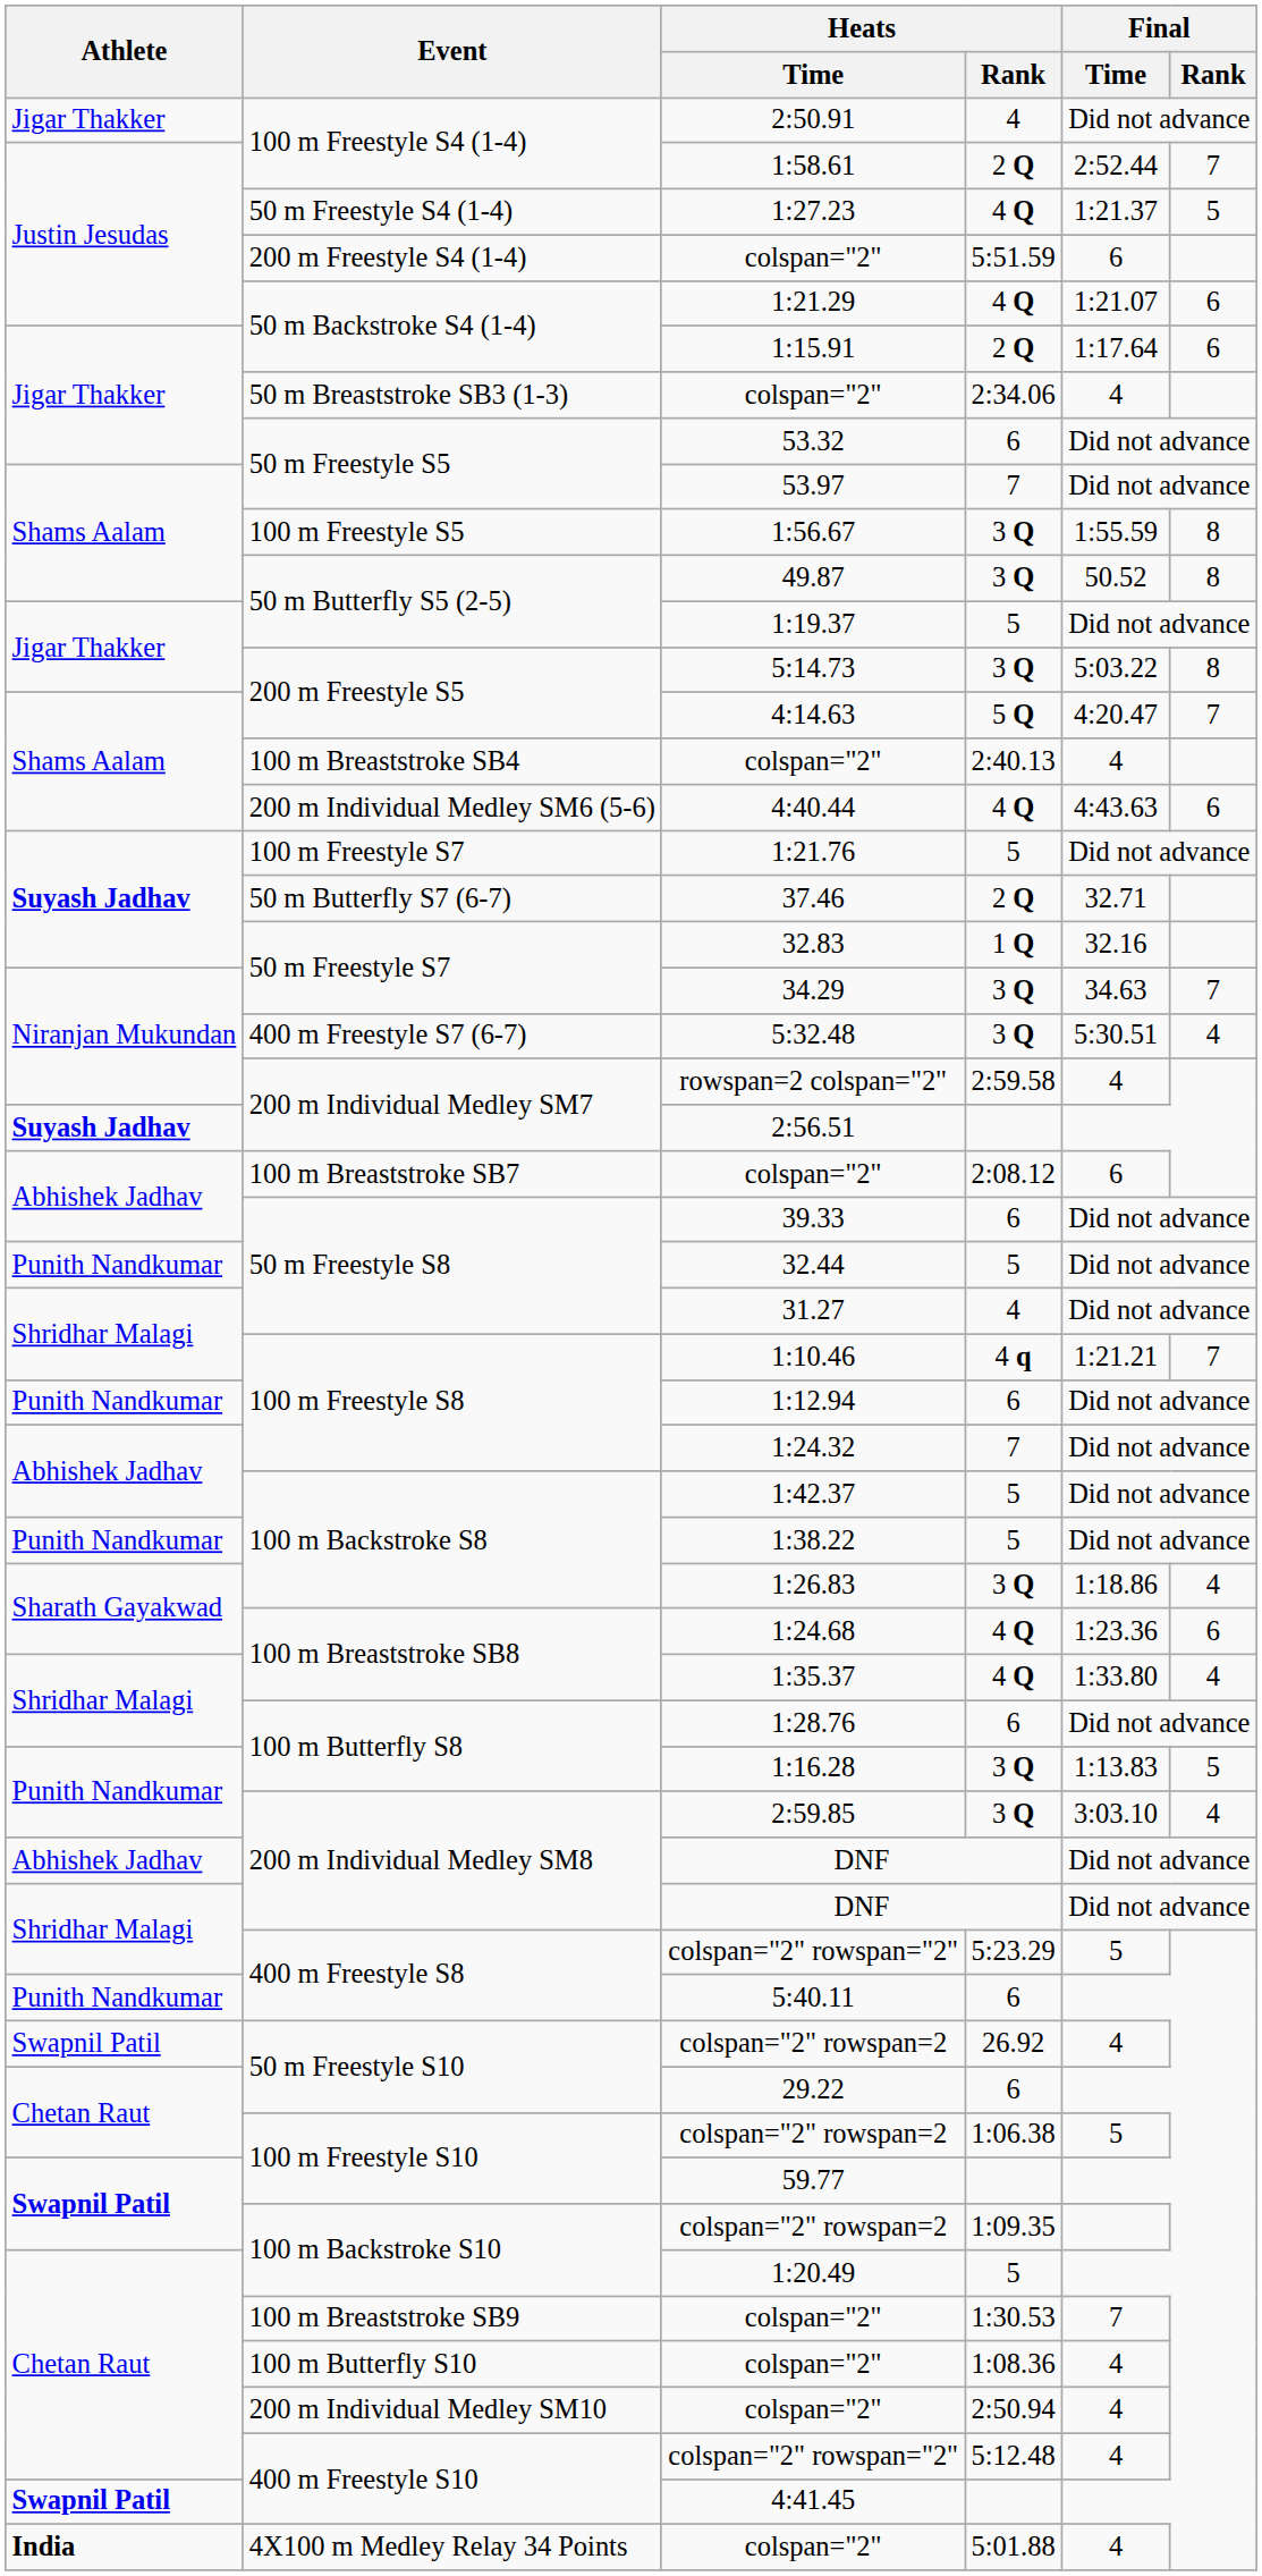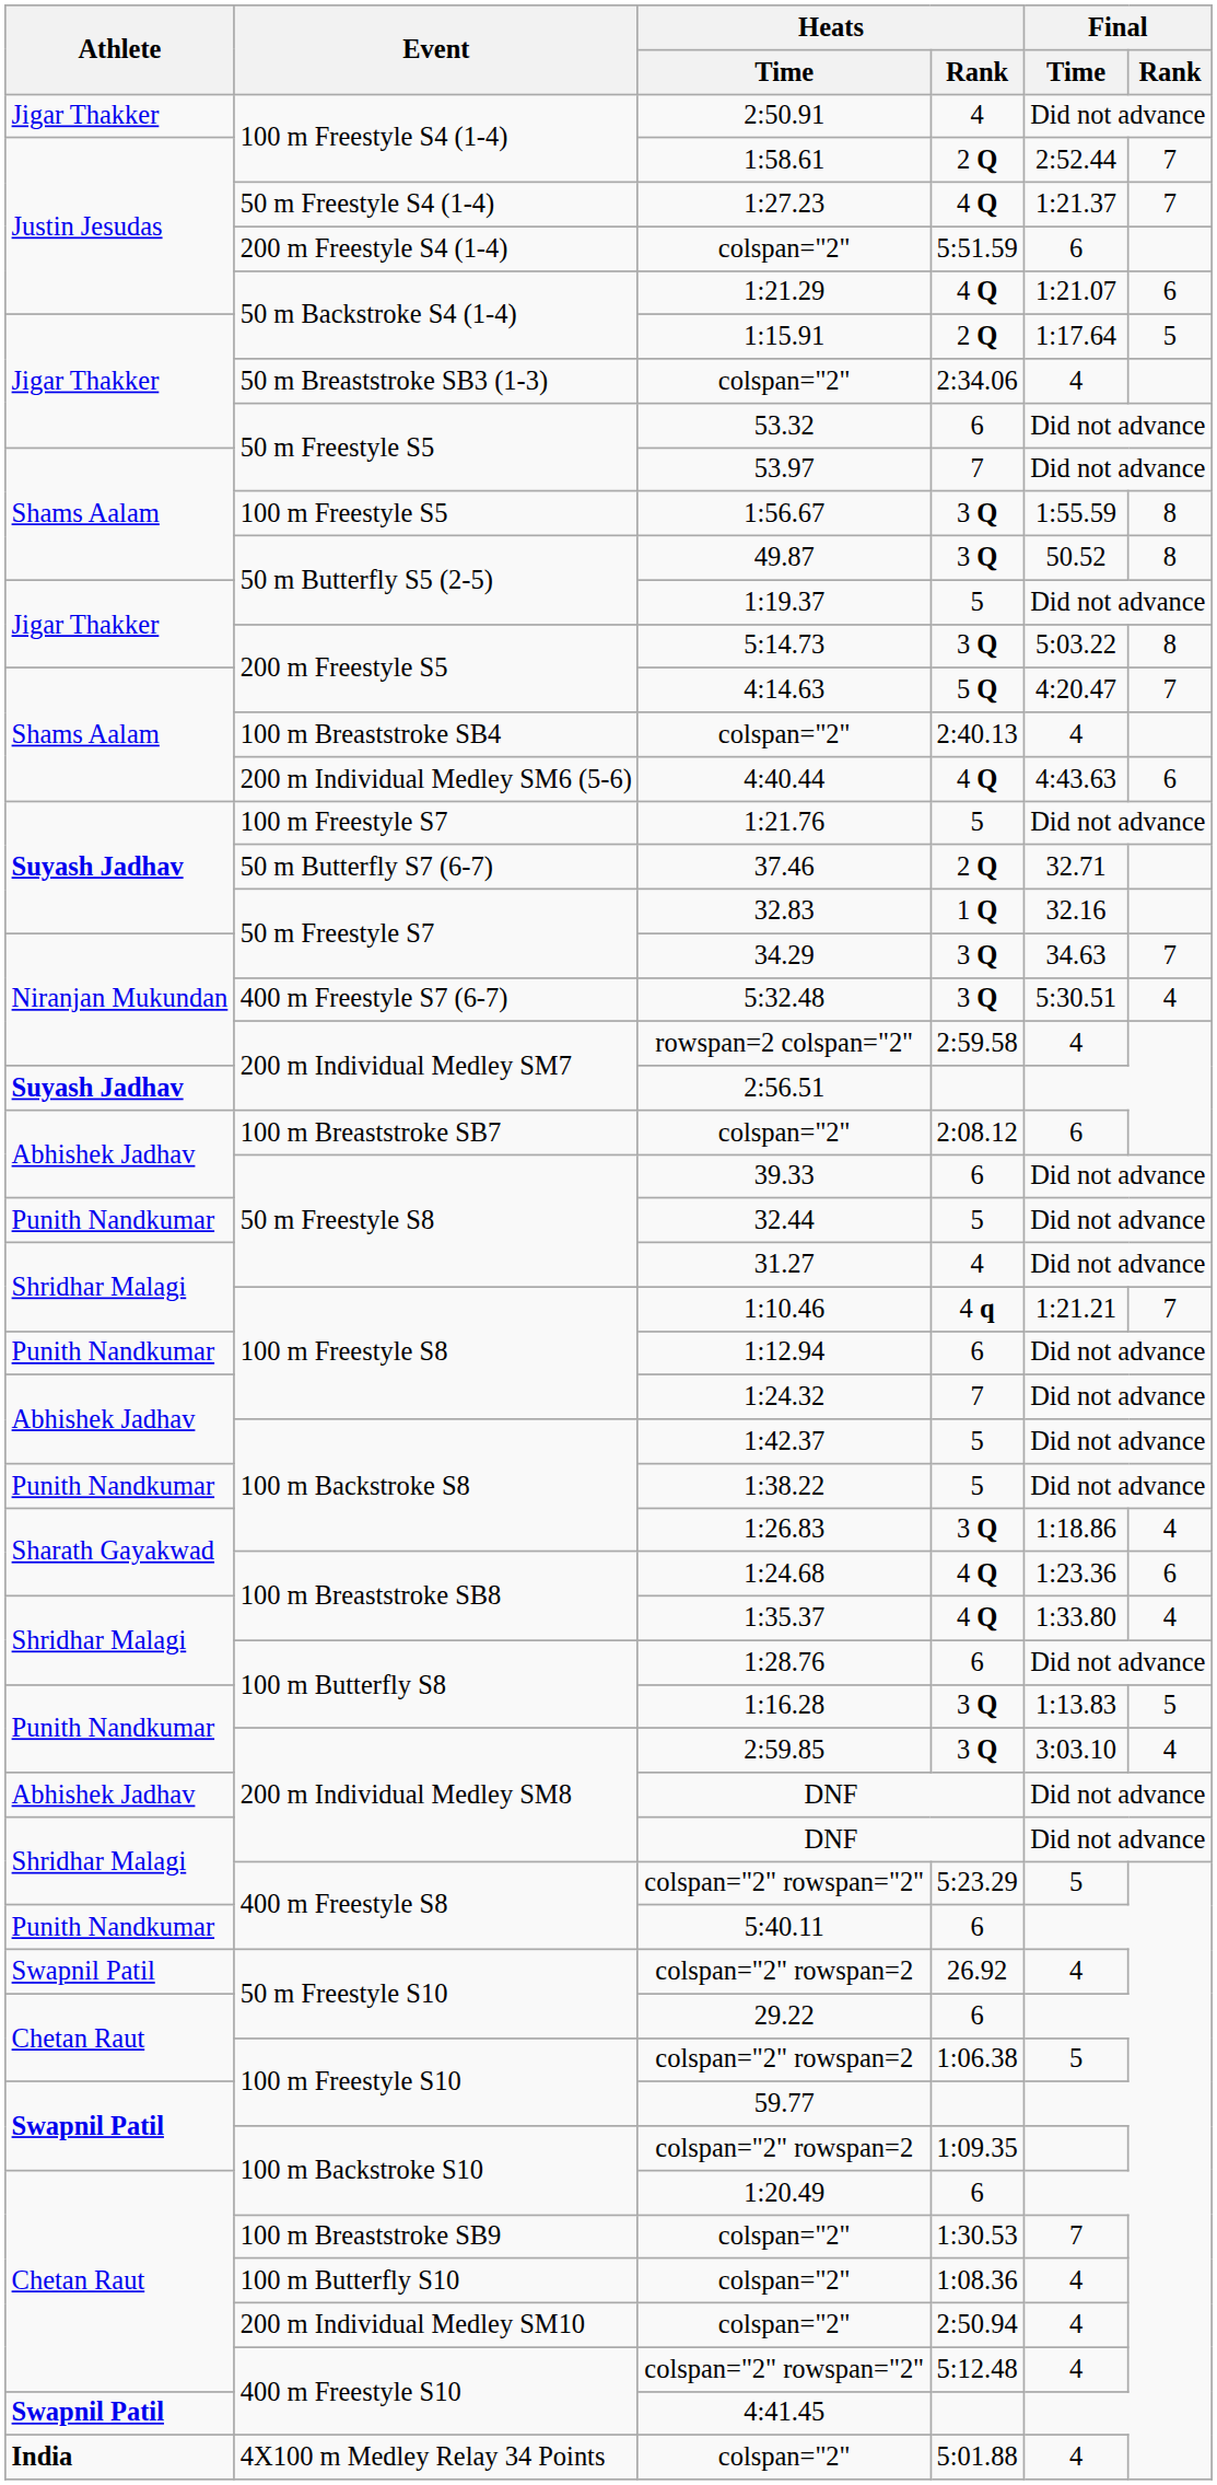 <table class="wikitable" style="text-align:center; font-size:90%">
 <tr>
 <th rowspan="2">Athlete</th>
 <th rowspan="2">Event</th>
 <th colspan="2">Heats</th>
 <th colspan="2">Final</th>
 </tr>
 <tr>
 <th>Time</th>
 <th>Rank</th>
 <th>Time</th>
 <th>Rank</th>
 </tr>
 <tr>
 <td align=left><a href='#'>Jigar Thakker</a></td>
 <td align=left rowspan="2">100 m Freestyle S4 (1-4)</td>
 <td>2:50.91</td>
 <td>4</td>
 <td colspan="2">Did not advance</td>
 </tr>
 <tr>
 <td align=left rowspan=4><a href='#'>Justin Jesudas</a></td>
 <td>1:58.61</td>
 <td>2 <strong>Q</strong></td>
 <td>2:52.44</td>
 <td>7</td>
 </tr>
 <tr>
 <td align=left>50 m Freestyle S4 (1-4)</td>
 <td>1:27.23</td>
 <td>4 <strong>Q</strong></td>
 <td>1:21.37</td>
-<td>5</td>
+<td>7</td>
 </tr>
 <tr>
 <td align=left>200 m Freestyle S4 (1-4)</td>
 <td>colspan="2" </td>
 <td>5:51.59</td>
 <td>6</td>
 </tr>
 <tr>
 <td align=left rowspan="2">50 m Backstroke S4 (1-4)</td>
 <td>1:21.29</td>
 <td>4 <strong>Q</strong></td>
 <td>1:21.07</td>
 <td>6</td>
 </tr>
 <tr>
 <td align=left rowspan=3><a href='#'>Jigar Thakker</a></td>
 <td>1:15.91</td>
 <td>2 <strong>Q</strong></td>
 <td>1:17.64</td>
-<td>6</td>
+<td>5</td>
 </tr>
 <tr>
 <td align=left>50 m Breaststroke SB3 (1-3)</td>
 <td>colspan="2" </td>
 <td>2:34.06</td>
 <td>4</td>
 </tr>
 <tr>
 <td align=left rowspan="2">50 m Freestyle S5</td>
 <td>53.32</td>
 <td>6</td>
 <td colspan="2">Did not advance</td>
 </tr>
 <tr>
 <td align=left rowspan=3><a href='#'>Shams Aalam</a></td>
 <td>53.97</td>
 <td>7</td>
 <td colspan="2">Did not advance</td>
 </tr>
 <tr>
 <td align=left>100 m Freestyle S5</td>
 <td>1:56.67</td>
 <td>3 <strong>Q</strong></td>
 <td>1:55.59</td>
 <td>8</td>
 </tr>
 <tr>
 <td align=left rowspan="2">50 m Butterfly S5 (2-5)</td>
 <td>49.87</td>
 <td>3 <strong>Q</strong></td>
 <td>50.52</td>
 <td>8</td>
 </tr>
 <tr>
 <td align=left rowspan=2><a href='#'>Jigar Thakker</a></td>
 <td>1:19.37</td>
 <td>5</td>
 <td colspan="2">Did not advance</td>
 </tr>
 <tr>
 <td align=left rowspan="2">200 m Freestyle S5</td>
 <td>5:14.73</td>
 <td>3 <strong>Q</strong></td>
 <td>5:03.22</td>
 <td>8</td>
 </tr>
 <tr>
 <td align=left rowspan=3><a href='#'>Shams Aalam</a></td>
 <td>4:14.63</td>
 <td>5 <strong>Q</strong></td>
 <td>4:20.47</td>
 <td>7</td>
 </tr>
 <tr>
 <td align=left>100 m Breaststroke SB4</td>
 <td>colspan="2" </td>
 <td>2:40.13</td>
 <td>4</td>
 </tr>
 <tr>
 <td align=left>200 m Individual Medley SM6 (5-6)</td>
 <td>4:40.44</td>
 <td>4 <strong>Q</strong></td>
 <td>4:43.63</td>
 <td>6</td>
 </tr>
 <tr>
 <td align=left rowspan=3><strong><a href='#'>Suyash Jadhav</a></strong></td>
 <td align=left>100 m Freestyle S7</td>
 <td>1:21.76</td>
 <td>5</td>
 <td colspan="2">Did not advance</td>
 </tr>
 <tr>
 <td align=left>50 m Butterfly S7 (6-7)</td>
 <td>37.46</td>
 <td>2 <strong>Q</strong></td>
 <td>32.71</td>
 <td></td>
 </tr>
 <tr>
 <td align=left rowspan="2">50 m Freestyle S7</td>
 <td>32.83</td>
 <td>1 <strong>Q</strong></td>
 <td>32.16</td>
 <td></td>
 </tr>
 <tr>
 <td align=left rowspan=3><a href='#'>Niranjan Mukundan</a></td>
 <td>34.29</td>
 <td>3 <strong>Q</strong></td>
 <td>34.63</td>
 <td>7</td>
 </tr>
 <tr>
 <td align=left>400 m Freestyle S7 (6-7)</td>
 <td>5:32.48</td>
 <td>3 <strong>Q</strong></td>
 <td>5:30.51</td>
 <td>4</td>
 </tr>
 <tr>
 <td align=left rowspan="2">200 m Individual Medley SM7</td>
 <td>rowspan=2 colspan="2" </td>
 <td>2:59.58</td>
 <td>4</td>
 </tr>
 <tr>
 <td align=left><strong><a href='#'>Suyash Jadhav</a></strong></td>
 <td>2:56.51</td>
 <td></td>
 </tr>
 <tr>
 <td align=left rowspan=2><a href='#'>Abhishek Jadhav</a></td>
 <td align=left>100 m Breaststroke SB7</td>
 <td>colspan="2" </td>
 <td>2:08.12</td>
 <td>6</td>
 </tr>
 <tr>
 <td align=left rowspan="3">50 m Freestyle S8</td>
 <td>39.33</td>
 <td>6</td>
 <td colspan="2">Did not advance</td>
 </tr>
 <tr>
 <td align=left><a href='#'>Punith Nandkumar</a></td>
 <td>32.44</td>
 <td>5</td>
 <td colspan="2">Did not advance</td>
 </tr>
 <tr>
 <td align=left rowspan=2><a href='#'>Shridhar Malagi</a></td>
 <td>31.27</td>
 <td>4</td>
 <td colspan="2">Did not advance</td>
 </tr>
 <tr>
 <td align=left rowspan="3">100 m Freestyle S8</td>
 <td>1:10.46</td>
 <td>4 <strong>q</strong></td>
 <td>1:21.21</td>
 <td>7</td>
 </tr>
 <tr>
 <td align=left><a href='#'>Punith Nandkumar</a></td>
 <td>1:12.94</td>
 <td>6</td>
 <td colspan="2">Did not advance</td>
 </tr>
 <tr>
 <td align=left rowspan=2><a href='#'>Abhishek Jadhav</a></td>
 <td>1:24.32</td>
 <td>7</td>
 <td colspan="2">Did not advance</td>
 </tr>
 <tr>
 <td align=left rowspan="3">100 m Backstroke S8</td>
 <td>1:42.37</td>
 <td>5</td>
 <td colspan="2">Did not advance</td>
 </tr>
 <tr>
 <td align=left><a href='#'>Punith Nandkumar</a></td>
 <td>1:38.22</td>
 <td>5</td>
 <td colspan="2">Did not advance</td>
 </tr>
 <tr>
 <td align=left rowspan=2><a href='#'>Sharath Gayakwad</a></td>
 <td>1:26.83</td>
 <td>3 <strong>Q</strong></td>
 <td>1:18.86</td>
 <td>4</td>
 </tr>
 <tr>
 <td align=left rowspan="2">100 m Breaststroke SB8</td>
 <td>1:24.68</td>
 <td>4 <strong>Q</strong></td>
 <td>1:23.36</td>
 <td>6</td>
 </tr>
 <tr>
 <td align=left rowspan=2><a href='#'>Shridhar Malagi</a></td>
 <td>1:35.37</td>
 <td>4 <strong>Q</strong></td>
 <td>1:33.80</td>
 <td>4</td>
 </tr>
 <tr>
 <td align=left rowspan="2">100 m Butterfly S8</td>
 <td>1:28.76</td>
 <td>6</td>
 <td colspan="2">Did not advance</td>
 </tr>
 <tr>
 <td align=left rowspan=2><a href='#'>Punith Nandkumar</a></td>
 <td>1:16.28</td>
 <td>3 <strong>Q</strong></td>
 <td>1:13.83</td>
 <td>5</td>
 </tr>
 <tr>
 <td align=left rowspan="3">200 m Individual Medley SM8</td>
 <td>2:59.85</td>
 <td>3 <strong>Q</strong></td>
 <td>3:03.10</td>
 <td>4</td>
 </tr>
 <tr>
 <td align=left><a href='#'>Abhishek Jadhav</a></td>
 <td colspan="2">DNF</td>
 <td colspan="2">Did not advance</td>
 </tr>
 <tr>
 <td align=left rowspan=2><a href='#'>Shridhar Malagi</a></td>
 <td colspan="2">DNF</td>
 <td colspan="2">Did not advance</td>
 </tr>
 <tr>
 <td align=left rowspan="2">400 m Freestyle S8</td>
 <td>colspan="2" rowspan="2" </td>
 <td>5:23.29</td>
 <td>5</td>
 </tr>
 <tr>
 <td align=left><a href='#'>Punith Nandkumar</a></td>
 <td>5:40.11</td>
 <td>6</td>
 </tr>
 <tr>
 <td align=left><a href='#'>Swapnil Patil</a></td>
 <td align=left rowspan="2">50 m Freestyle S10</td>
 <td>colspan="2" rowspan=2 </td>
 <td>26.92</td>
 <td>4</td>
 </tr>
 <tr>
 <td align=left rowspan=2><a href='#'>Chetan Raut</a></td>
 <td>29.22</td>
 <td>6</td>
 </tr>
 <tr>
 <td align=left rowspan="2">100 m Freestyle S10</td>
 <td>colspan="2" rowspan=2 </td>
 <td>1:06.38</td>
 <td>5</td>
 </tr>
 <tr>
 <td align=left rowspan=2><strong><a href='#'>Swapnil Patil</a></strong></td>
 <td>59.77</td>
 <td></td>
 </tr>
 <tr>
 <td align=left rowspan="2">100 m Backstroke S10</td>
 <td>colspan="2" rowspan=2 </td>
 <td>1:09.35</td>
 <td></td>
 </tr>
 <tr>
 <td align=left rowspan=5><a href='#'>Chetan Raut</a></td>
 <td>1:20.49</td>
-<td>5</td>
+<td>6</td>
 </tr>
 <tr>
 <td align=left>100 m Breaststroke SB9</td>
 <td>colspan="2" </td>
 <td>1:30.53</td>
 <td>7</td>
 </tr>
 <tr>
 <td align=left>100 m Butterfly S10</td>
 <td>colspan="2" </td>
 <td>1:08.36</td>
 <td>4</td>
 </tr>
 <tr>
 <td align=left>200 m Individual Medley SM10</td>
 <td>colspan="2" </td>
 <td>2:50.94</td>
 <td>4</td>
 </tr>
 <tr>
 <td align=left rowspan="2">400 m Freestyle S10</td>
 <td>colspan="2" rowspan="2" </td>
 <td>5:12.48</td>
 <td>4</td>
 </tr>
 <tr>
 <td align=left><strong><a href='#'>Swapnil Patil</a></strong></td>
 <td>4:41.45</td>
 <td></td>
 </tr>
 <tr>
 <td align=left><strong>India</strong></td>
 <td align=left>4X100 m Medley Relay 34 Points</td>
 <td>colspan="2" </td>
 <td>5:01.88</td>
 <td>4</td>
 </tr>
 </table>
